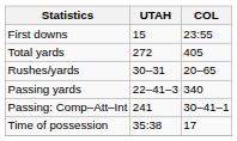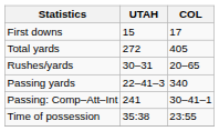 <table class="wikitable" style="float: left;">
 <tr>
 <th>Statistics</th>
 <th>UTAH</th>
 <th>COL</th>
 </tr>
 <tr>
 <td>First downs</td>
 <td>15</td>
-<td>23:55</td>
+<td>17</td>
 </tr>
 <tr>
 <td>Total yards</td>
 <td>272</td>
 <td>405</td>
 </tr>
 <tr>
 <td>Rushes/yards</td>
 <td>30–31</td>
 <td>20–65</td>
 </tr>
 <tr>
 <td>Passing yards</td>
 <td>22–41–3</td>
 <td>340</td>
 </tr>
 <tr>
 <td>Passing: Comp–Att–Int</td>
 <td>241</td>
 <td>30–41–1</td>
 </tr>
 <tr>
 <td>Time of possession</td>
 <td>35:38</td>
-<td>17</td>
+<td>23:55</td>
 </tr>
 <tr>
 </tr>
 </table>
